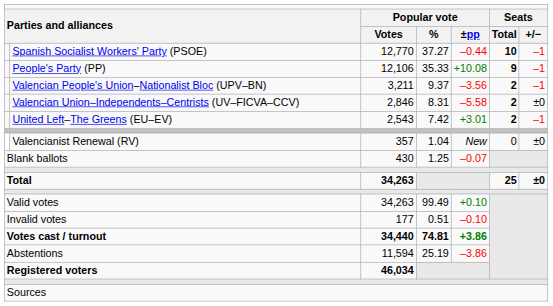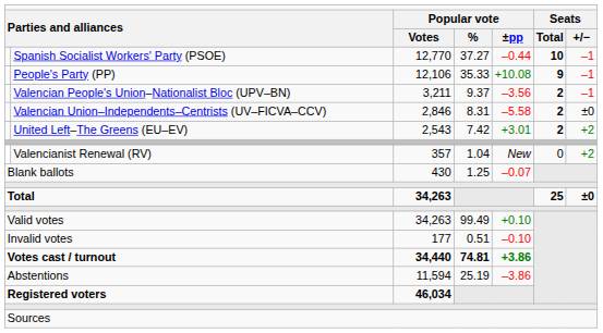 <table class="wikitable" style="text-align:right;">
 <tr>
 <td colspan="7"></td>
 </tr>
 <tr>
 <th style="text-align:left;" rowspan="2" colspan="2" width="525">Parties and alliances</th>
 <th colspan="3">Popular vote</th>
 <th colspan="2">Seats</th>
 </tr>
 <tr>
 <th width="75">Votes</th>
 <th width="45">%</th>
 <th width="45">±<a href='#'>pp</a></th>
 <th width="35">Total</th>
 <th width="35">+/−</th>
 </tr>
 <tr>
 <td width="1" style="color:inherit;background:"></td>
 <td align="left"><a href='#'>Spanish Socialist Workers' Party</a> (PSOE)</td>
 <td>12,770</td>
 <td>37.27</td>
 <td style="color:red;">–0.44</td>
 <td><strong>10</strong></td>
 <td style="color:red;">–1</td>
 </tr>
 <tr>
 <td style="color:inherit;background:"></td>
 <td align="left"><a href='#'>People's Party</a> (PP)</td>
 <td>12,106</td>
 <td>35.33</td>
 <td style="color:green;">+10.08</td>
 <td><strong>9</strong></td>
 <td style="color:red;">–1</td>
 </tr>
 <tr>
 <td style="color:inherit;background:"></td>
 <td align="left"><a href='#'>Valencian People's Union</a>–<a href='#'>Nationalist Bloc</a> (UPV–BN)</td>
 <td>3,211</td>
 <td>9.37</td>
 <td style="color:red;">–3.56</td>
 <td><strong>2</strong></td>
 <td style="color:red;">–1</td>
 </tr>
 <tr>
 <td style="color:inherit;background:"></td>
 <td align="left"><a href='#'>Valencian Union–Independents–Centrists</a> (UV–FICVA–CCV)</td>
 <td>2,846</td>
 <td>8.31</td>
 <td style="color:red;">–5.58</td>
 <td><strong>2</strong></td>
 <td>±0</td>
 </tr>
 <tr>
 <td style="color:inherit;background:"></td>
 <td align="left"><a href='#'>United Left</a>–<a href='#'>The Greens</a> (EU–EV)</td>
 <td>2,543</td>
 <td>7.42</td>
 <td style="color:green;">+3.01</td>
 <td><strong>2</strong></td>
-<td style="color:red;">–1</td>
+<td style="color:green;">+2</td>
 </tr>
 <tr>
 <td colspan="7" bgcolor="#C0C0C0"></td>
 </tr>
 <tr>
 <td bgcolor="white"></td>
 <td align="left">Valencianist Renewal (RV)</td>
 <td>357</td>
 <td>1.04</td>
 <td><em>New</em></td>
 <td>0</td>
-<td>±0</td>
+<td style="color:green;">+2</td>
 </tr>
 <tr>
 <td align="left" colspan="2">Blank ballots</td>
 <td>430</td>
 <td>1.25</td>
 <td style="color:red;">–0.07</td>
 <td bgcolor="#E9E9E9" colspan="2"></td>
 </tr>
 <tr>
 <td colspan="7" bgcolor="#E9E9E9"></td>
 </tr>
 <tr style="font-weight:bold;">
 <td align="left" colspan="2">Total</td>
 <td>34,263</td>
 <td bgcolor="#E9E9E9" colspan="2"></td>
 <td>25</td>
 <td>±0</td>
 </tr>
 <tr>
 <td colspan="7" bgcolor="#E9E9E9"></td>
 </tr>
 <tr>
 <td align="left" colspan="2">Valid votes</td>
 <td>34,263</td>
 <td>99.49</td>
 <td style="color:green;">+0.10</td>
 <td bgcolor="#E9E9E9" colspan="2" rowspan="5"></td>
 </tr>
 <tr>
 <td align="left" colspan="2">Invalid votes</td>
 <td>177</td>
 <td>0.51</td>
 <td style="color:red;">–0.10</td>
 </tr>
 <tr style="font-weight:bold;">
 <td align="left" colspan="2">Votes cast / turnout</td>
 <td>34,440</td>
 <td>74.81</td>
 <td style="color:green;">+3.86</td>
 </tr>
 <tr>
 <td align="left" colspan="2">Abstentions</td>
 <td>11,594</td>
 <td>25.19</td>
 <td style="color:red;">–3.86</td>
 </tr>
 <tr style="font-weight:bold;">
 <td align="left" colspan="2">Registered voters</td>
 <td>46,034</td>
 <td bgcolor="#E9E9E9" colspan="2"></td>
 </tr>
 <tr>
 <td colspan="7" bgcolor="#E9E9E9"></td>
 </tr>
 <tr>
 <td align="left" colspan="7">Sources</td>
 </tr>
 </table>
